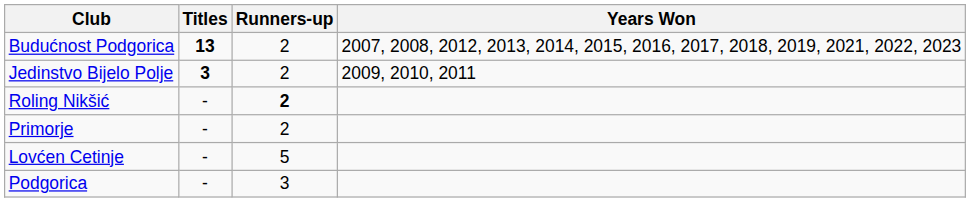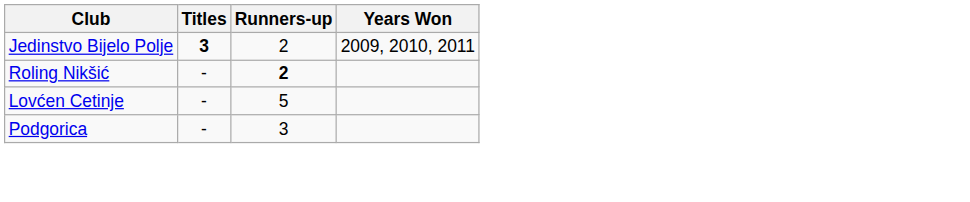 <table class="wikitable" style="font-size:90%">
 <tr>
 <th>Club</th>
 <th>Titles</th>
 <th>Runners-up</th>
 <th>Years Won</th>
-</tr>
-<tr>
-<td><a href='#'>Budućnost Podgorica</a></td>
-<td align="center"><strong>13</strong></td>
-<td align="center">2</td>
-<td>2007, 2008, 2012, 2013, 2014, 2015, 2016, 2017, 2018, 2019, 2021, 2022, 2023</td>
 </tr>
 <tr>
 <td><a href='#'>Jedinstvo Bijelo Polje</a></td>
 <td align="center"><strong>3</strong></td>
 <td align="center">2</td>
 <td>2009, 2010, 2011</td>
 </tr>
 <tr>
 <td><a href='#'>Roling Nikšić</a></td>
 <td align="center">-</td>
 <td align="center"><strong>2</strong></td>
-<td></td>
-</tr>
-<tr>
-<td><a href='#'>Primorje</a></td>
-<td align="center">-</td>
-<td align="center">2</td>
 <td></td>
 </tr>
 <tr>
 <td><a href='#'>Lovćen Cetinje</a></td>
 <td align="center">-</td>
 <td align="center">5</td>
 <td></td>
 </tr>
 <tr>
 <td><a href='#'>Podgorica</a></td>
 <td align="center">-</td>
 <td align="center">3</td>
 <td></td>
 </tr>
 </table>
